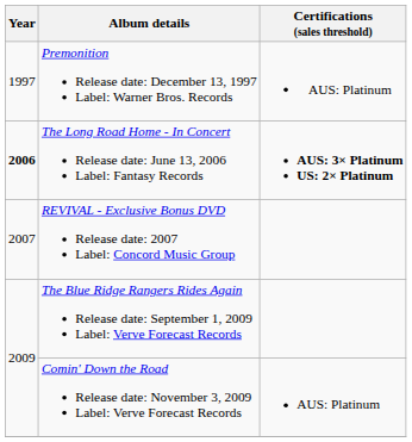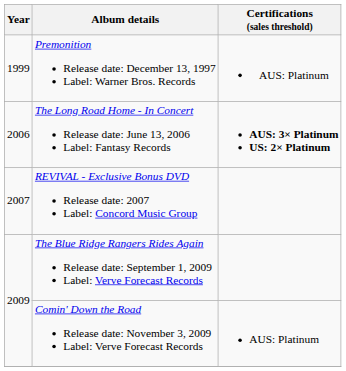 <table class="wikitable" style="text-align:center;">
 <tr>
 <th>Year</th>
 <th>Album details</th>
 <th>Certifications<br><small>(sales threshold)</small></th>
 </tr>
 <tr>
-<td>1997</td>
+<td>1999</td>
 <td align="left"><em><a href='#'>Premonition</a></em><br><ul><li>Release date: December 13, 1997</li><li>Label: Warner Bros. Records</li></ul></td>
 <td><br><ul><li>AUS: Platinum</li></ul></td>
 </tr>
 <tr>
-<td><strong>2006</strong></td>
+<td>2006</td>
 <td align="left"><em><a href='#'>The Long Road Home - In Concert</a></em><br><ul><li>Release date: June 13, 2006</li><li>Label: Fantasy Records</li></ul></td>
 <td align="left"><strong><br><ul><li>AUS: 3× Platinum</li><li>US: 2× Platinum</li></ul></strong></td>
 </tr>
 <tr>
 <td>2007</td>
 <td align="left"><em><a href='#'>REVIVAL - Exclusive Bonus DVD</a></em><br><ul><li>Release date: 2007</li><li>Label: <a href='#'>Concord Music Group</a></li></ul></td>
 <td></td>
 </tr>
 <tr>
 <td rowspan="2">2009</td>
 <td align="left"><em><a href='#'>The Blue Ridge Rangers Rides Again</a></em><br><ul><li>Release date: September 1, 2009</li><li>Label: <a href='#'>Verve Forecast Records</a></li></ul></td>
 <td></td>
 </tr>
 <tr>
 <td align="left"><em><a href='#'>Comin' Down the Road</a></em><br><ul><li>Release date: November 3, 2009</li><li>Label: Verve Forecast Records</li></ul></td>
 <td align="left"><br><ul><li>AUS: Platinum</li></ul></td>
 </tr>
 <tr>
 </tr>
 </table>
